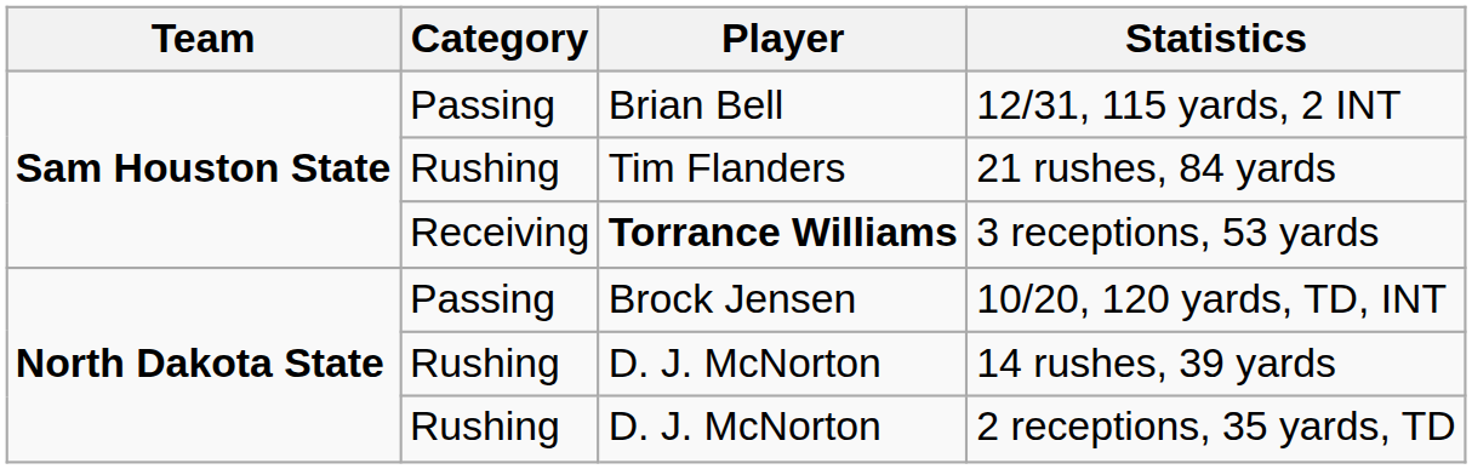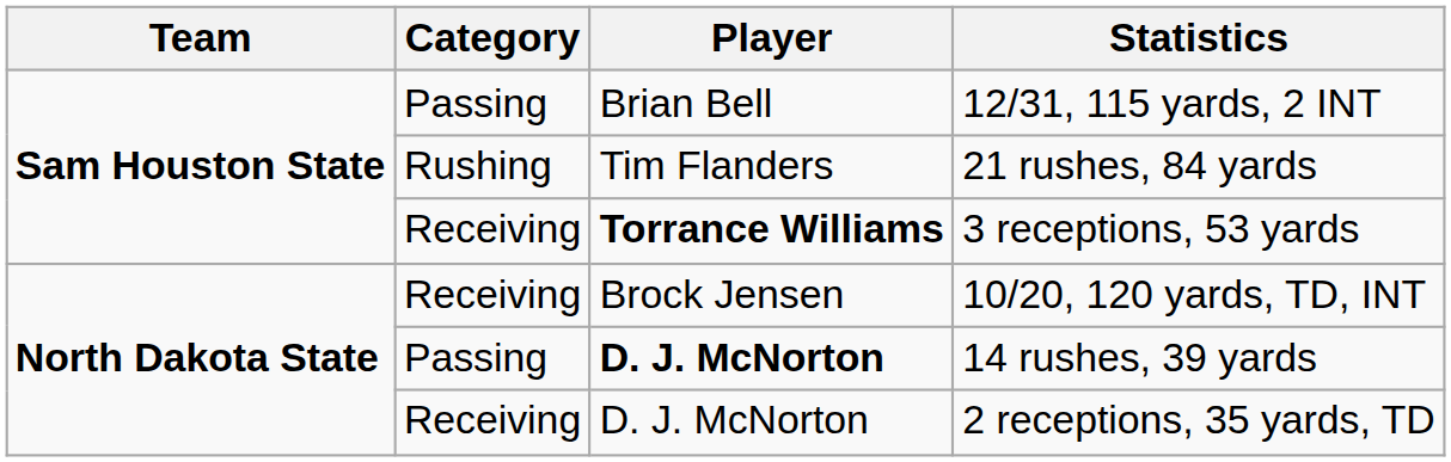 <table class="wikitable" style="float: right;">
 <tr>
 <th>Team</th>
 <th>Category</th>
 <th>Player</th>
 <th>Statistics</th>
 </tr>
 <tr>
 <td rowspan=3><strong>Sam Houston State</strong></td>
 <td>Passing</td>
 <td>Brian Bell</td>
 <td>12/31, 115 yards, 2 INT</td>
 </tr>
 <tr>
 <td>Rushing</td>
 <td>Tim Flanders</td>
 <td>21 rushes, 84 yards</td>
 </tr>
 <tr>
 <td>Receiving</td>
 <td><strong>Torrance Williams</strong></td>
 <td>3 receptions, 53 yards</td>
 </tr>
 <tr>
 <td rowspan=3><strong>North Dakota State</strong></td>
-<td>Passing</td>
+<td>Receiving</td>
 <td>Brock Jensen</td>
 <td>10/20, 120 yards, TD, INT</td>
 </tr>
 <tr>
-<td>Rushing</td>
-<td>D. J. McNorton</td>
+<td>Passing</td>
+<td><strong>D. J. McNorton</strong></td>
 <td>14 rushes, 39 yards</td>
 </tr>
 <tr>
-<td>Rushing</td>
+<td>Receiving</td>
 <td>D. J. McNorton</td>
 <td>2 receptions, 35 yards, TD</td>
 </tr>
 </table>
